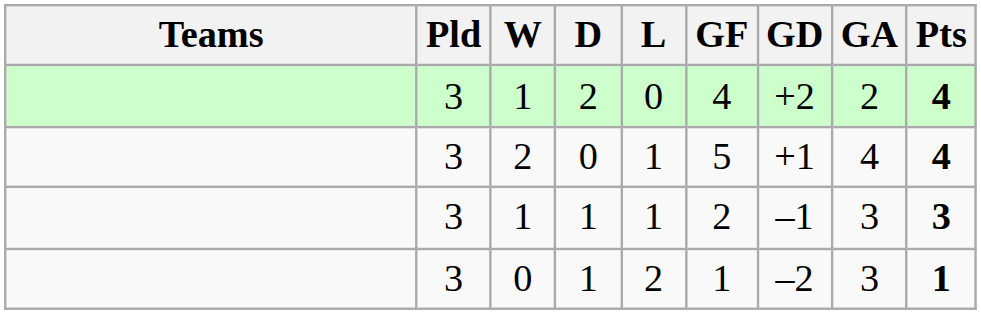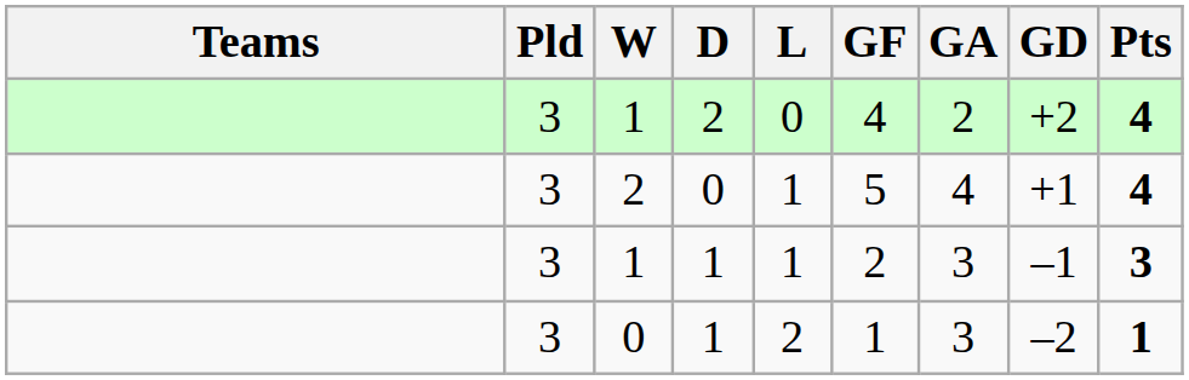 <table class="wikitable" style="text-align: center;">
 <tr>
 <th width=165>Teams</th>
 <th width=20>Pld</th>
 <th width=20>W</th>
 <th width=20>D</th>
 <th width=20>L</th>
 <th width=20>GF</th>
+<th width=20>GA</th>
 <th width=20>GD</th>
-<th width=20>GA</th>
 <th width=20>Pts</th>
 </tr>
 <tr align=center style="background:#ccffcc;">
 <td style="text-align:left;"></td>
 <td>3</td>
 <td>1</td>
 <td>2</td>
 <td>0</td>
 <td>4</td>
+<td>2</td>
 <td>+2</td>
-<td>2</td>
 <td><strong>4</strong></td>
 </tr>
 <tr align=center>
 <td style="text-align:left;"></td>
 <td>3</td>
 <td>2</td>
 <td>0</td>
 <td>1</td>
 <td>5</td>
+<td>4</td>
 <td>+1</td>
-<td>4</td>
 <td><strong>4</strong></td>
 </tr>
 <tr align=center>
 <td style="text-align:left;"></td>
 <td>3</td>
 <td>1</td>
 <td>1</td>
 <td>1</td>
 <td>2</td>
+<td>3</td>
 <td>–1</td>
-<td>3</td>
 <td><strong>3</strong></td>
 </tr>
 <tr align=center>
 <td style="text-align:left;"></td>
 <td>3</td>
 <td>0</td>
 <td>1</td>
 <td>2</td>
 <td>1</td>
+<td>3</td>
 <td>–2</td>
-<td>3</td>
 <td><strong>1</strong></td>
 </tr>
 </table>
